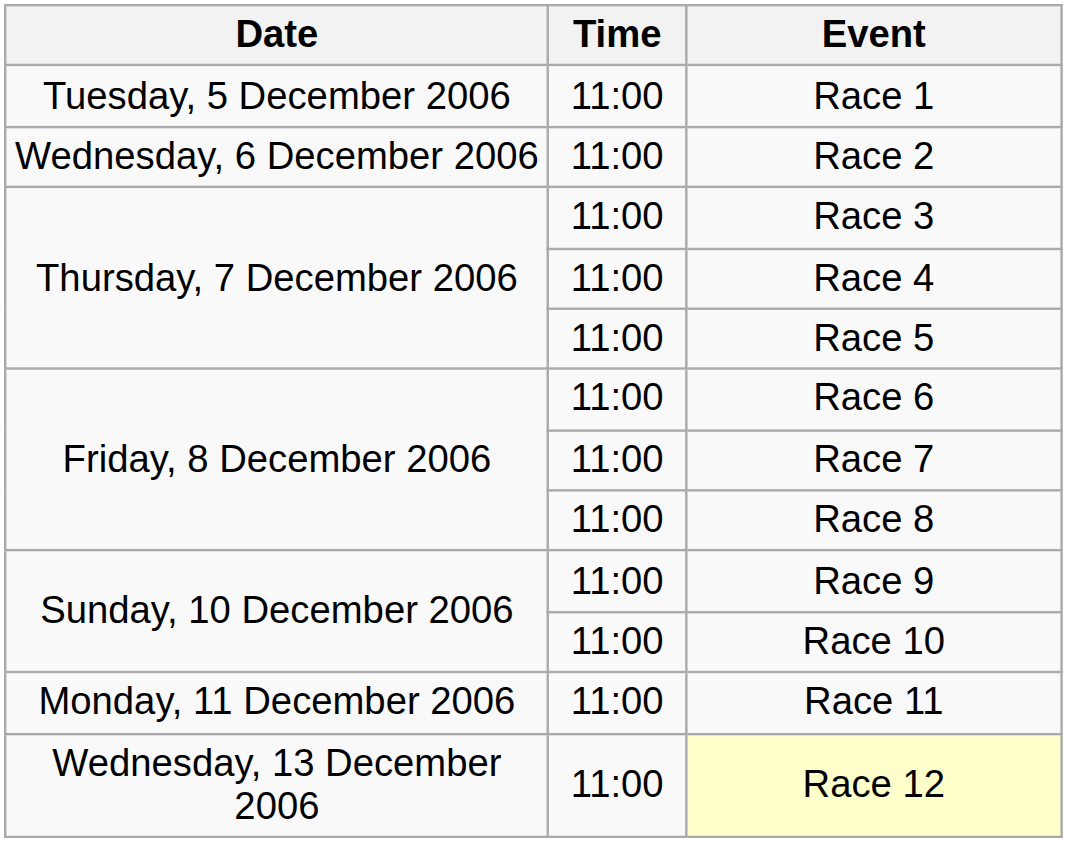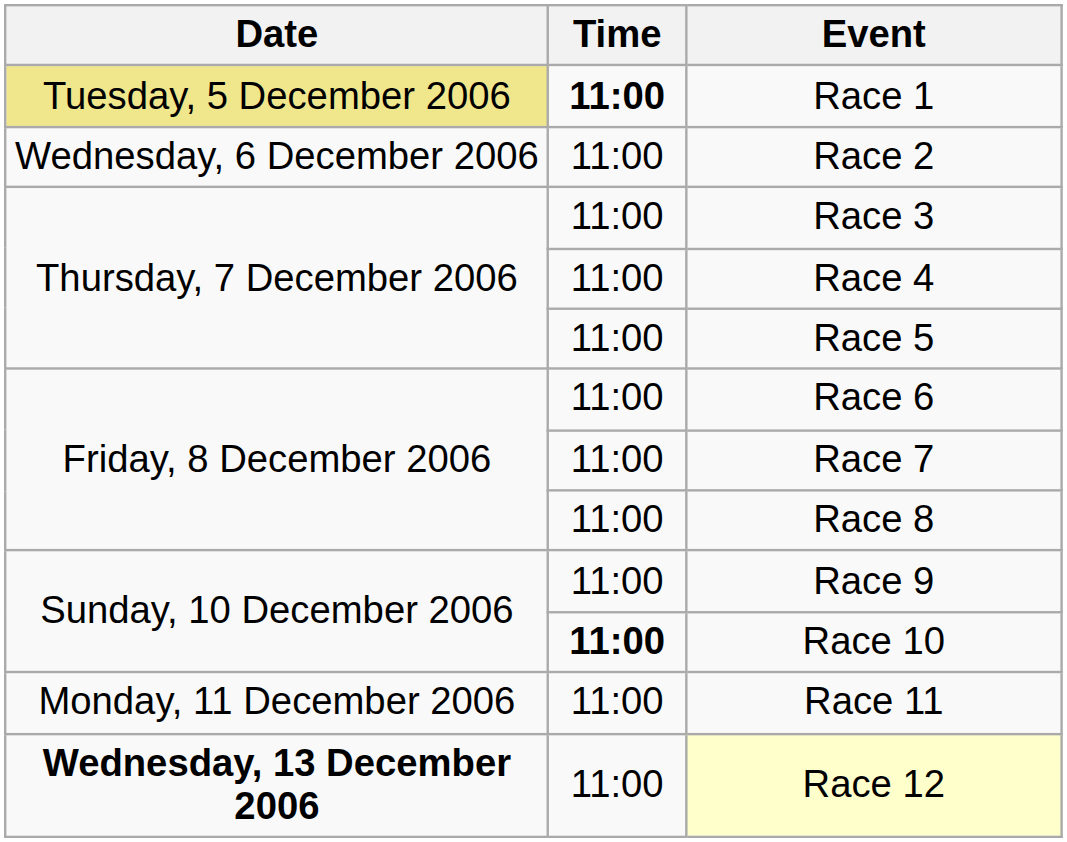 <table class = "wikitable" style="text-align:center;">
 <tr>
 <th width=220>Date</th>
 <th width=50>Time</th>
 <th width=150>Event</th>
 </tr>
 <tr>
-<td>Tuesday, 5 December 2006</td>
-<td>11:00</td>
+<td style="background: khaki;">Tuesday, 5 December 2006</td>
+<td><strong>11:00</strong></td>
 <td>Race 1</td>
 </tr>
 <tr>
 <td>Wednesday, 6 December 2006</td>
 <td>11:00</td>
 <td>Race 2</td>
 </tr>
 <tr>
 <td rowspan=3>Thursday, 7 December 2006</td>
 <td>11:00</td>
 <td>Race 3</td>
 </tr>
 <tr>
 <td>11:00</td>
 <td>Race 4</td>
 </tr>
 <tr>
 <td>11:00</td>
 <td>Race 5</td>
 </tr>
 <tr>
 <td rowspan=3>Friday, 8 December 2006</td>
 <td>11:00</td>
 <td>Race 6</td>
 </tr>
 <tr>
 <td>11:00</td>
 <td>Race 7</td>
 </tr>
 <tr>
 <td>11:00</td>
 <td>Race 8</td>
 </tr>
 <tr>
 <td rowspan=2>Sunday, 10 December 2006</td>
 <td>11:00</td>
 <td>Race 9</td>
 </tr>
 <tr>
-<td>11:00</td>
+<td><strong>11:00</strong></td>
 <td>Race 10</td>
 </tr>
 <tr>
 <td>Monday, 11 December 2006</td>
 <td>11:00</td>
 <td>Race 11</td>
 </tr>
 <tr>
-<td>Wednesday, 13 December 2006</td>
+<td><strong>Wednesday, 13 December 2006</strong></td>
 <td>11:00</td>
 <td bgcolor=ffffcc>Race 12</td>
 </tr>
 </table>
